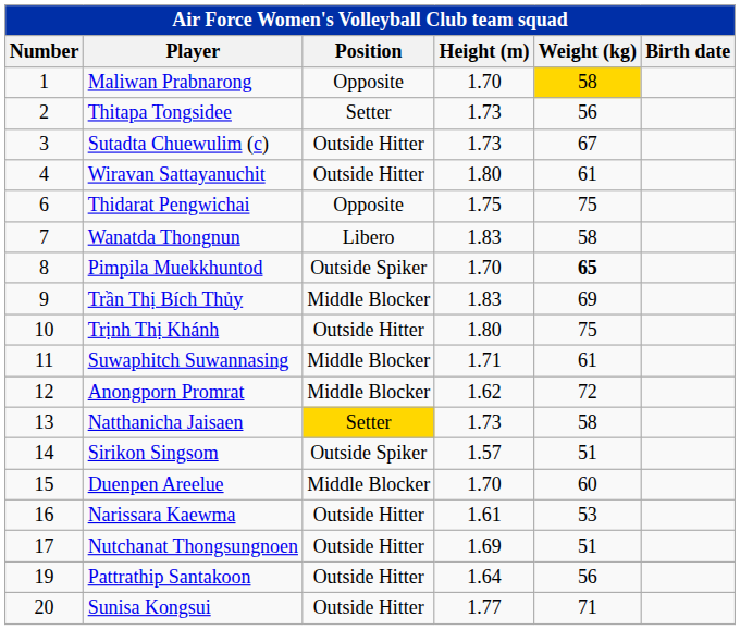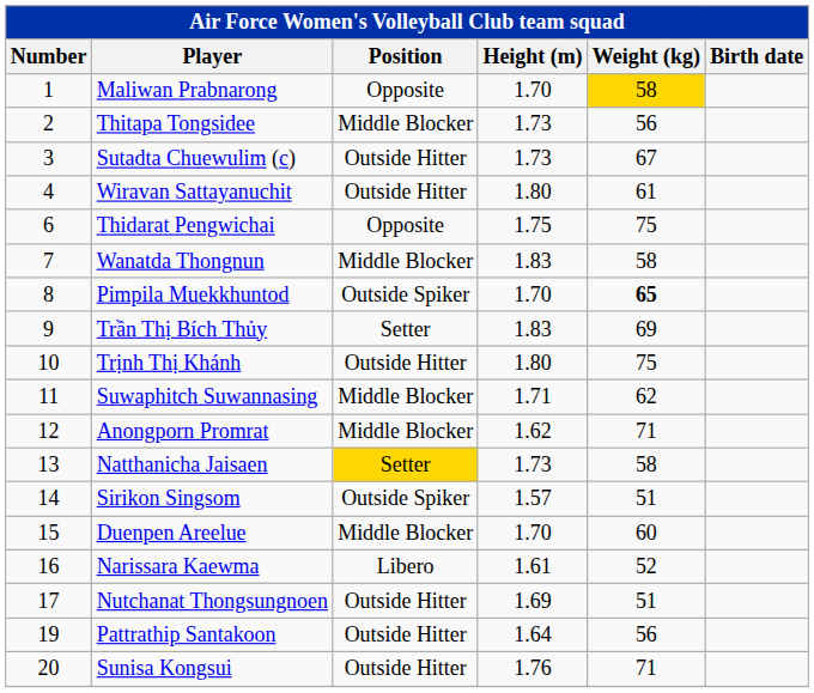 <table class="wikitable sortable" style="font-size:100%; text-align:center;">
 <tr>
 <th colspan=6 style="background:#002FA7; color:#FFFFFF;">Air Force Women's Volleyball Club team squad</th>
 </tr>
 <tr>
 <th>Number</th>
 <th>Player</th>
 <th>Position</th>
 <th>Height (m)</th>
 <th>Weight (kg)</th>
 <th>Birth date</th>
 </tr>
 <tr>
 <td>1</td>
 <td align=left> <a href='#'>Maliwan Prabnarong</a></td>
 <td>Opposite</td>
 <td>1.70</td>
 <td style="background: gold;">58</td>
 <td align=left></td>
 </tr>
 <tr>
 <td>2</td>
 <td align=left> <a href='#'>Thitapa Tongsidee</a></td>
-<td>Setter</td>
+<td>Middle Blocker</td>
 <td>1.73</td>
 <td>56</td>
 <td align=left></td>
 </tr>
 <tr>
 <td>3</td>
 <td align=left> <a href='#'>Sutadta Chuewulim</a> (<a href='#'>c</a>)</td>
 <td>Outside Hitter</td>
 <td>1.73</td>
 <td>67</td>
 <td align=left></td>
 </tr>
 <tr>
 <td>4</td>
 <td align=left> <a href='#'>Wiravan Sattayanuchit</a></td>
 <td>Outside Hitter</td>
 <td>1.80</td>
 <td>61</td>
 <td align=left></td>
 </tr>
 <tr>
 <td>6</td>
 <td align=left> <a href='#'>Thidarat Pengwichai</a></td>
 <td>Opposite</td>
 <td>1.75</td>
 <td>75</td>
 <td align=left></td>
 </tr>
 <tr>
 <td>7</td>
 <td align=left> <a href='#'>Wanatda Thongnun</a></td>
-<td>Libero</td>
+<td>Middle Blocker</td>
 <td>1.83</td>
 <td>58</td>
 <td align=left></td>
 </tr>
 <tr>
 <td>8</td>
 <td align=left> <a href='#'>Pimpila Muekkhuntod</a></td>
 <td>Outside Spiker</td>
 <td>1.70</td>
 <td><strong>65</strong></td>
 <td align=left></td>
 </tr>
 <tr>
 <td>9</td>
 <td align=left> <a href='#'>Trần Thị Bích Thủy</a></td>
-<td>Middle Blocker</td>
+<td>Setter</td>
 <td>1.83</td>
 <td>69</td>
 <td align=left></td>
 </tr>
 <tr>
 <td>10</td>
 <td align=left> <a href='#'>Trịnh Thị Khánh</a></td>
 <td>Outside Hitter</td>
 <td>1.80</td>
 <td>75</td>
 <td align=left></td>
 </tr>
 <tr>
 <td>11</td>
 <td align=left> <a href='#'>Suwaphitch Suwannasing</a></td>
 <td>Middle Blocker</td>
 <td>1.71</td>
-<td>61</td>
+<td>62</td>
 <td align=left></td>
 </tr>
 <tr>
 <td>12</td>
 <td align=left> <a href='#'>Anongporn Promrat</a></td>
 <td>Middle Blocker</td>
 <td>1.62</td>
-<td>72</td>
+<td>71</td>
 <td align=left></td>
 </tr>
 <tr>
 <td>13</td>
 <td align=left>  <a href='#'>Natthanicha Jaisaen</a></td>
 <td style="background: gold;">Setter</td>
 <td>1.73</td>
 <td>58</td>
 <td align=left></td>
 </tr>
 <tr>
 <td>14</td>
 <td align=left> <a href='#'>Sirikon Singsom</a></td>
 <td>Outside Spiker</td>
 <td>1.57</td>
 <td>51</td>
 <td align=left></td>
 </tr>
 <tr>
 <td>15</td>
 <td align=left> <a href='#'>Duenpen Areelue</a></td>
 <td>Middle Blocker</td>
 <td>1.70</td>
 <td>60</td>
 <td align=left></td>
 </tr>
 <tr>
 <td>16</td>
 <td align=left>  <a href='#'>Narissara Kaewma</a></td>
-<td>Outside Hitter</td>
+<td>Libero</td>
 <td>1.61</td>
-<td>53</td>
+<td>52</td>
 <td align=left></td>
 </tr>
 <tr>
 <td>17</td>
 <td align=left> <a href='#'>Nutchanat Thongsungnoen</a></td>
 <td>Outside Hitter</td>
 <td>1.69</td>
 <td>51</td>
 <td align=left></td>
 </tr>
 <tr>
 <td>19</td>
 <td align=left> <a href='#'>Pattrathip Santakoon</a></td>
 <td>Outside Hitter</td>
 <td>1.64</td>
 <td>56</td>
 <td align=left></td>
 </tr>
 <tr>
 <td>20</td>
 <td align=left> <a href='#'>Sunisa Kongsui</a></td>
 <td>Outside Hitter</td>
-<td>1.77</td>
+<td>1.76</td>
 <td>71</td>
 <td align=left></td>
 </tr>
 <tr>
 </tr>
 </table>
